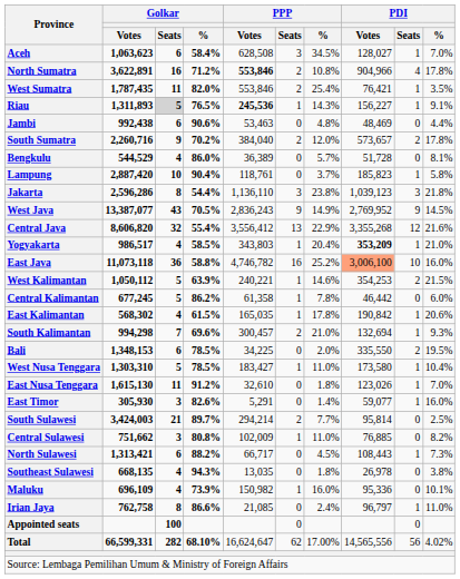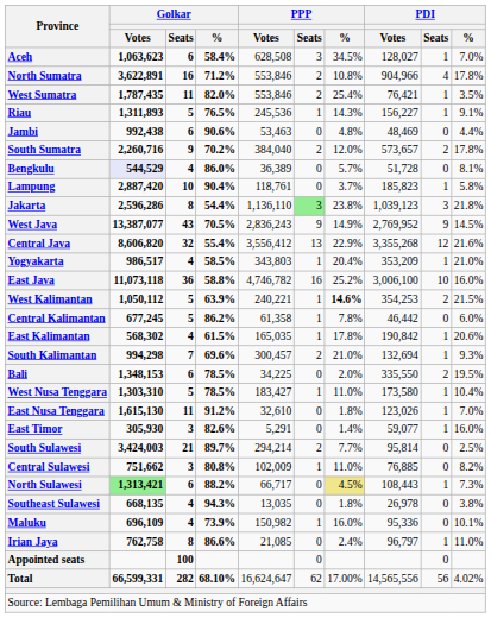 <table class="wikitable" style="text-align:right; font-size: 0.9em;">
 <tr>
 <th rowspan="3">Province</th>
 <th colspan="3"><a href='#'>Golkar</a></th>
 <th colspan="3"><a href='#'>PPP</a></th>
 <th colspan="3"><a href='#'>PDI</a></th>
 </tr>
 <tr>
 <th colspan="3" style="background:"></th>
 <th colspan="3" style="background:"></th>
 <th colspan="3" style="background:"></th>
 </tr>
 <tr>
 <th>Votes</th>
 <th>Seats</th>
 <th>%</th>
 <th>Votes</th>
 <th>Seats</th>
 <th>%</th>
 <th>Votes</th>
 <th>Seats</th>
 <th>%</th>
 </tr>
 <tr>
 <th style="text-align: left;"><a href='#'>Aceh</a></th>
 <td><strong>1,063,623</strong></td>
 <td><strong>6</strong></td>
 <td><strong>58.4%</strong></td>
 <td>628,508</td>
 <td>3</td>
 <td>34.5%</td>
 <td>128,027</td>
 <td>1</td>
 <td>7.0%</td>
 </tr>
 <tr>
 <th style="text-align: left;"><a href='#'>North Sumatra</a></th>
 <td><strong>3,622,891</strong></td>
 <td><strong>16</strong></td>
 <td><strong>71.2%</strong></td>
-<td><strong>553,846</strong></td>
+<td>553,846</td>
 <td>2</td>
 <td>10.8%</td>
 <td>904,966</td>
 <td>4</td>
 <td>17.8%</td>
 </tr>
 <tr>
 <th style="text-align: left;"><a href='#'>West Sumatra</a></th>
 <td><strong>1,787,435</strong></td>
 <td><strong>11</strong></td>
 <td><strong>82.0%</strong></td>
 <td>553,846</td>
 <td>2</td>
 <td>25.4%</td>
 <td>76,421</td>
 <td>1</td>
 <td>3.5%</td>
 </tr>
 <tr>
 <th style="text-align: left;"><a href='#'>Riau</a></th>
 <td><strong>1,311,893</strong></td>
-<td style="background: lightgrey;"><strong>5</strong></td>
+<td><strong>5</strong></td>
 <td><strong>76.5%</strong></td>
-<td><strong>245,536</strong></td>
+<td>245,536</td>
 <td>1</td>
 <td>14.3%</td>
 <td>156,227</td>
 <td>1</td>
 <td>9.1%</td>
 </tr>
 <tr>
 <th style="text-align: left;"><a href='#'>Jambi</a></th>
 <td><strong>992,438</strong></td>
 <td><strong>6</strong></td>
 <td><strong>90.6%</strong></td>
 <td>53,463</td>
 <td>0</td>
 <td>4.8%</td>
 <td>48,469</td>
 <td>0</td>
 <td>4.4%</td>
 </tr>
 <tr>
 <th style="text-align: left;"><a href='#'>South Sumatra</a></th>
 <td><strong>2,260,716</strong></td>
 <td><strong>9</strong></td>
 <td><strong>70.2%</strong></td>
 <td>384,040</td>
 <td>2</td>
 <td>12.0%</td>
 <td>573,657</td>
 <td>2</td>
 <td>17.8%</td>
 </tr>
 <tr>
 <th style="text-align: left;"><a href='#'>Bengkulu</a></th>
-<td><strong>544,529</strong></td>
+<td style="background: lavender;"><strong>544,529</strong></td>
 <td><strong>4</strong></td>
 <td><strong>86.0%</strong></td>
 <td>36,389</td>
 <td>0</td>
 <td>5.7%</td>
 <td>51,728</td>
 <td>0</td>
 <td>8.1%</td>
 </tr>
 <tr>
 <th style="text-align: left;"><a href='#'>Lampung</a></th>
 <td><strong>2,887,420</strong></td>
 <td><strong>10</strong></td>
 <td><strong>90.4%</strong></td>
 <td>118,761</td>
 <td>0</td>
 <td>3.7%</td>
 <td>185,823</td>
 <td>1</td>
 <td>5.8%</td>
 </tr>
 <tr>
 <th style="text-align: left;"><a href='#'>Jakarta</a></th>
 <td><strong>2,596,286</strong></td>
 <td><strong>8</strong></td>
 <td><strong>54.4%</strong></td>
 <td>1,136,110</td>
-<td>3</td>
+<td style="background: lightgreen;">3</td>
 <td>23.8%</td>
 <td>1,039,123</td>
 <td>3</td>
 <td>21.8%</td>
 </tr>
 <tr>
 <th style="text-align: left;"><a href='#'>West Java</a></th>
 <td><strong>13,387,077</strong></td>
 <td><strong>43</strong></td>
 <td><strong>70.5%</strong></td>
 <td>2,836,243</td>
 <td>9</td>
 <td>14.9%</td>
 <td>2,769,952</td>
 <td>9</td>
 <td>14.5%</td>
 </tr>
 <tr>
 <th style="text-align: left;"><a href='#'>Central Java</a></th>
 <td><strong>8,606,820</strong></td>
 <td><strong>32</strong></td>
 <td><strong>55.4%</strong></td>
 <td>3,556,412</td>
 <td>13</td>
 <td>22.9%</td>
 <td>3,355,268</td>
 <td>12</td>
 <td>21.6%</td>
 </tr>
 <tr>
 <th style="text-align: left;"><a href='#'>Yogyakarta</a></th>
 <td><strong>986,517</strong></td>
 <td><strong>4</strong></td>
 <td><strong>58.5%</strong></td>
 <td>343,803</td>
 <td>1</td>
 <td>20.4%</td>
-<td><strong>353,209</strong></td>
+<td>353,209</td>
 <td>1</td>
 <td>21.0%</td>
 </tr>
 <tr>
 <th style="text-align: left;"><a href='#'>East Java</a></th>
 <td><strong>11,073,118</strong></td>
 <td><strong>36</strong></td>
 <td><strong>58.8%</strong></td>
 <td>4,746,782</td>
 <td>16</td>
 <td>25.2%</td>
-<td style="background: lightsalmon;">3,006,100</td>
+<td>3,006,100</td>
 <td>10</td>
 <td>16.0%</td>
 </tr>
 <tr>
 <th style="text-align: left;"><a href='#'>West Kalimantan</a></th>
 <td><strong>1,050,112</strong></td>
 <td><strong>5</strong></td>
 <td><strong>63.9%</strong></td>
 <td>240,221</td>
 <td>1</td>
-<td>14.6%</td>
+<td><strong>14.6%</strong></td>
 <td>354,253</td>
 <td>2</td>
 <td>21.5%</td>
 </tr>
 <tr>
 <th style="text-align: left;"><a href='#'>Central Kalimantan</a></th>
 <td><strong>677,245</strong></td>
 <td><strong>5</strong></td>
 <td><strong>86.2%</strong></td>
 <td>61,358</td>
 <td>1</td>
 <td>7.8%</td>
 <td>46,442</td>
 <td>0</td>
 <td>6.0%</td>
 </tr>
 <tr>
 <th style="text-align: left;"><a href='#'>East Kalimantan</a></th>
 <td><strong>568,302</strong></td>
 <td><strong>4</strong></td>
 <td><strong>61.5%</strong></td>
 <td>165,035</td>
 <td>1</td>
 <td>17.8%</td>
 <td>190,842</td>
 <td>1</td>
 <td>20.6%</td>
 </tr>
 <tr>
 <th style="text-align: left;"><a href='#'>South Kalimantan</a></th>
 <td><strong>994,298</strong></td>
 <td><strong>7</strong></td>
 <td><strong>69.6%</strong></td>
 <td>300,457</td>
 <td>2</td>
 <td>21.0%</td>
 <td>132,694</td>
 <td>1</td>
 <td>9.3%</td>
 </tr>
 <tr>
 <th style="text-align: left;"><a href='#'>Bali</a></th>
 <td><strong>1,348,153</strong></td>
 <td><strong>6</strong></td>
 <td><strong>78.5%</strong></td>
 <td>34,225</td>
 <td>0</td>
 <td>2.0%</td>
 <td>335,550</td>
 <td>2</td>
 <td>19.5%</td>
 </tr>
 <tr>
 <th style="text-align: left;"><a href='#'>West Nusa Tenggara</a></th>
 <td><strong>1,303,310</strong></td>
 <td><strong>5</strong></td>
 <td><strong>78.5%</strong></td>
 <td>183,427</td>
 <td>1</td>
 <td>11.0%</td>
 <td>173,580</td>
 <td>1</td>
 <td>10.4%</td>
 </tr>
 <tr>
 <th style="text-align: left;"><a href='#'>East Nusa Tenggara</a></th>
 <td><strong>1,615,130</strong></td>
 <td><strong>11</strong></td>
 <td><strong>91.2%</strong></td>
 <td>32,610</td>
 <td>0</td>
 <td>1.8%</td>
 <td>123,026</td>
 <td>1</td>
 <td>7.0%</td>
 </tr>
 <tr>
 <th style="text-align: left;"><a href='#'>East Timor</a></th>
 <td><strong>305,930</strong></td>
 <td><strong>3</strong></td>
 <td><strong>82.6%</strong></td>
 <td>5,291</td>
 <td>0</td>
 <td>1.4%</td>
 <td>59,077</td>
 <td>1</td>
 <td>16.0%</td>
 </tr>
 <tr>
 <th style="text-align: left;"><a href='#'>South Sulawesi</a></th>
 <td><strong>3,424,003</strong></td>
 <td><strong>21</strong></td>
 <td><strong>89.7%</strong></td>
 <td>294,214</td>
 <td>2</td>
 <td>7.7%</td>
 <td>95,814</td>
 <td>0</td>
 <td>2.5%</td>
 </tr>
 <tr>
 <th style="text-align: left;"><a href='#'>Central Sulawesi</a></th>
 <td><strong>751,662</strong></td>
 <td><strong>3</strong></td>
 <td><strong>80.8%</strong></td>
 <td>102,009</td>
 <td>1</td>
 <td>11.0%</td>
 <td>76,885</td>
 <td>0</td>
 <td>8.2%</td>
 </tr>
 <tr>
 <th style="text-align: left;"><a href='#'>North Sulawesi</a></th>
-<td><strong>1,313,421</strong></td>
+<td style="background: lightgreen;"><strong>1,313,421</strong></td>
 <td><strong>6</strong></td>
 <td><strong>88.2%</strong></td>
 <td>66,717</td>
 <td>0</td>
-<td>4.5%</td>
+<td style="background: khaki;">4.5%</td>
 <td>108,443</td>
 <td>1</td>
 <td>7.3%</td>
 </tr>
 <tr>
 <th style="text-align: left;"><a href='#'>Southeast Sulawesi</a></th>
 <td><strong>668,135</strong></td>
 <td><strong>4</strong></td>
 <td><strong>94.3%</strong></td>
 <td>13,035</td>
 <td>0</td>
 <td>1.8%</td>
 <td>26,978</td>
 <td>0</td>
 <td>3.8%</td>
 </tr>
 <tr>
 <th style="text-align: left;"><a href='#'>Maluku</a></th>
 <td><strong>696,109</strong></td>
 <td><strong>4</strong></td>
 <td><strong>73.9%</strong></td>
 <td>150,982</td>
 <td>1</td>
 <td>16.0%</td>
 <td>95,336</td>
 <td>0</td>
 <td>10.1%</td>
 </tr>
 <tr>
 <th style="text-align: left;"><a href='#'>Irian Jaya</a></th>
 <td><strong>762,758</strong></td>
 <td><strong>8</strong></td>
 <td><strong>86.6%</strong></td>
 <td>21,085</td>
 <td>0</td>
 <td>2.4%</td>
 <td>96,797</td>
 <td>1</td>
 <td>11.0%</td>
 </tr>
 <tr class="sortbottom">
 <th style="text-align: left;">Appointed seats</th>
 <td></td>
 <td><strong>100</strong></td>
 <td></td>
 <td></td>
 <td>0</td>
 <td></td>
 <td></td>
 <td>0</td>
 <td></td>
 </tr>
 <tr class="sortbottom">
 <th style="text-align: left;">Total</th>
 <td><strong>66,599,331</strong></td>
 <td><strong>282</strong></td>
 <td><strong>68.10%</strong></td>
 <td>16,624,647</td>
 <td>62</td>
 <td>17.00%</td>
 <td>14,565,556</td>
 <td>56</td>
 <td>4.02%</td>
 </tr>
 <tr>
 <th colspan="14"></th>
 </tr>
 <tr>
 <td colspan=14 align=left>Source: Lembaga Pemilihan Umum & Ministry of Foreign Affairs</td>
 </tr>
 </table>
